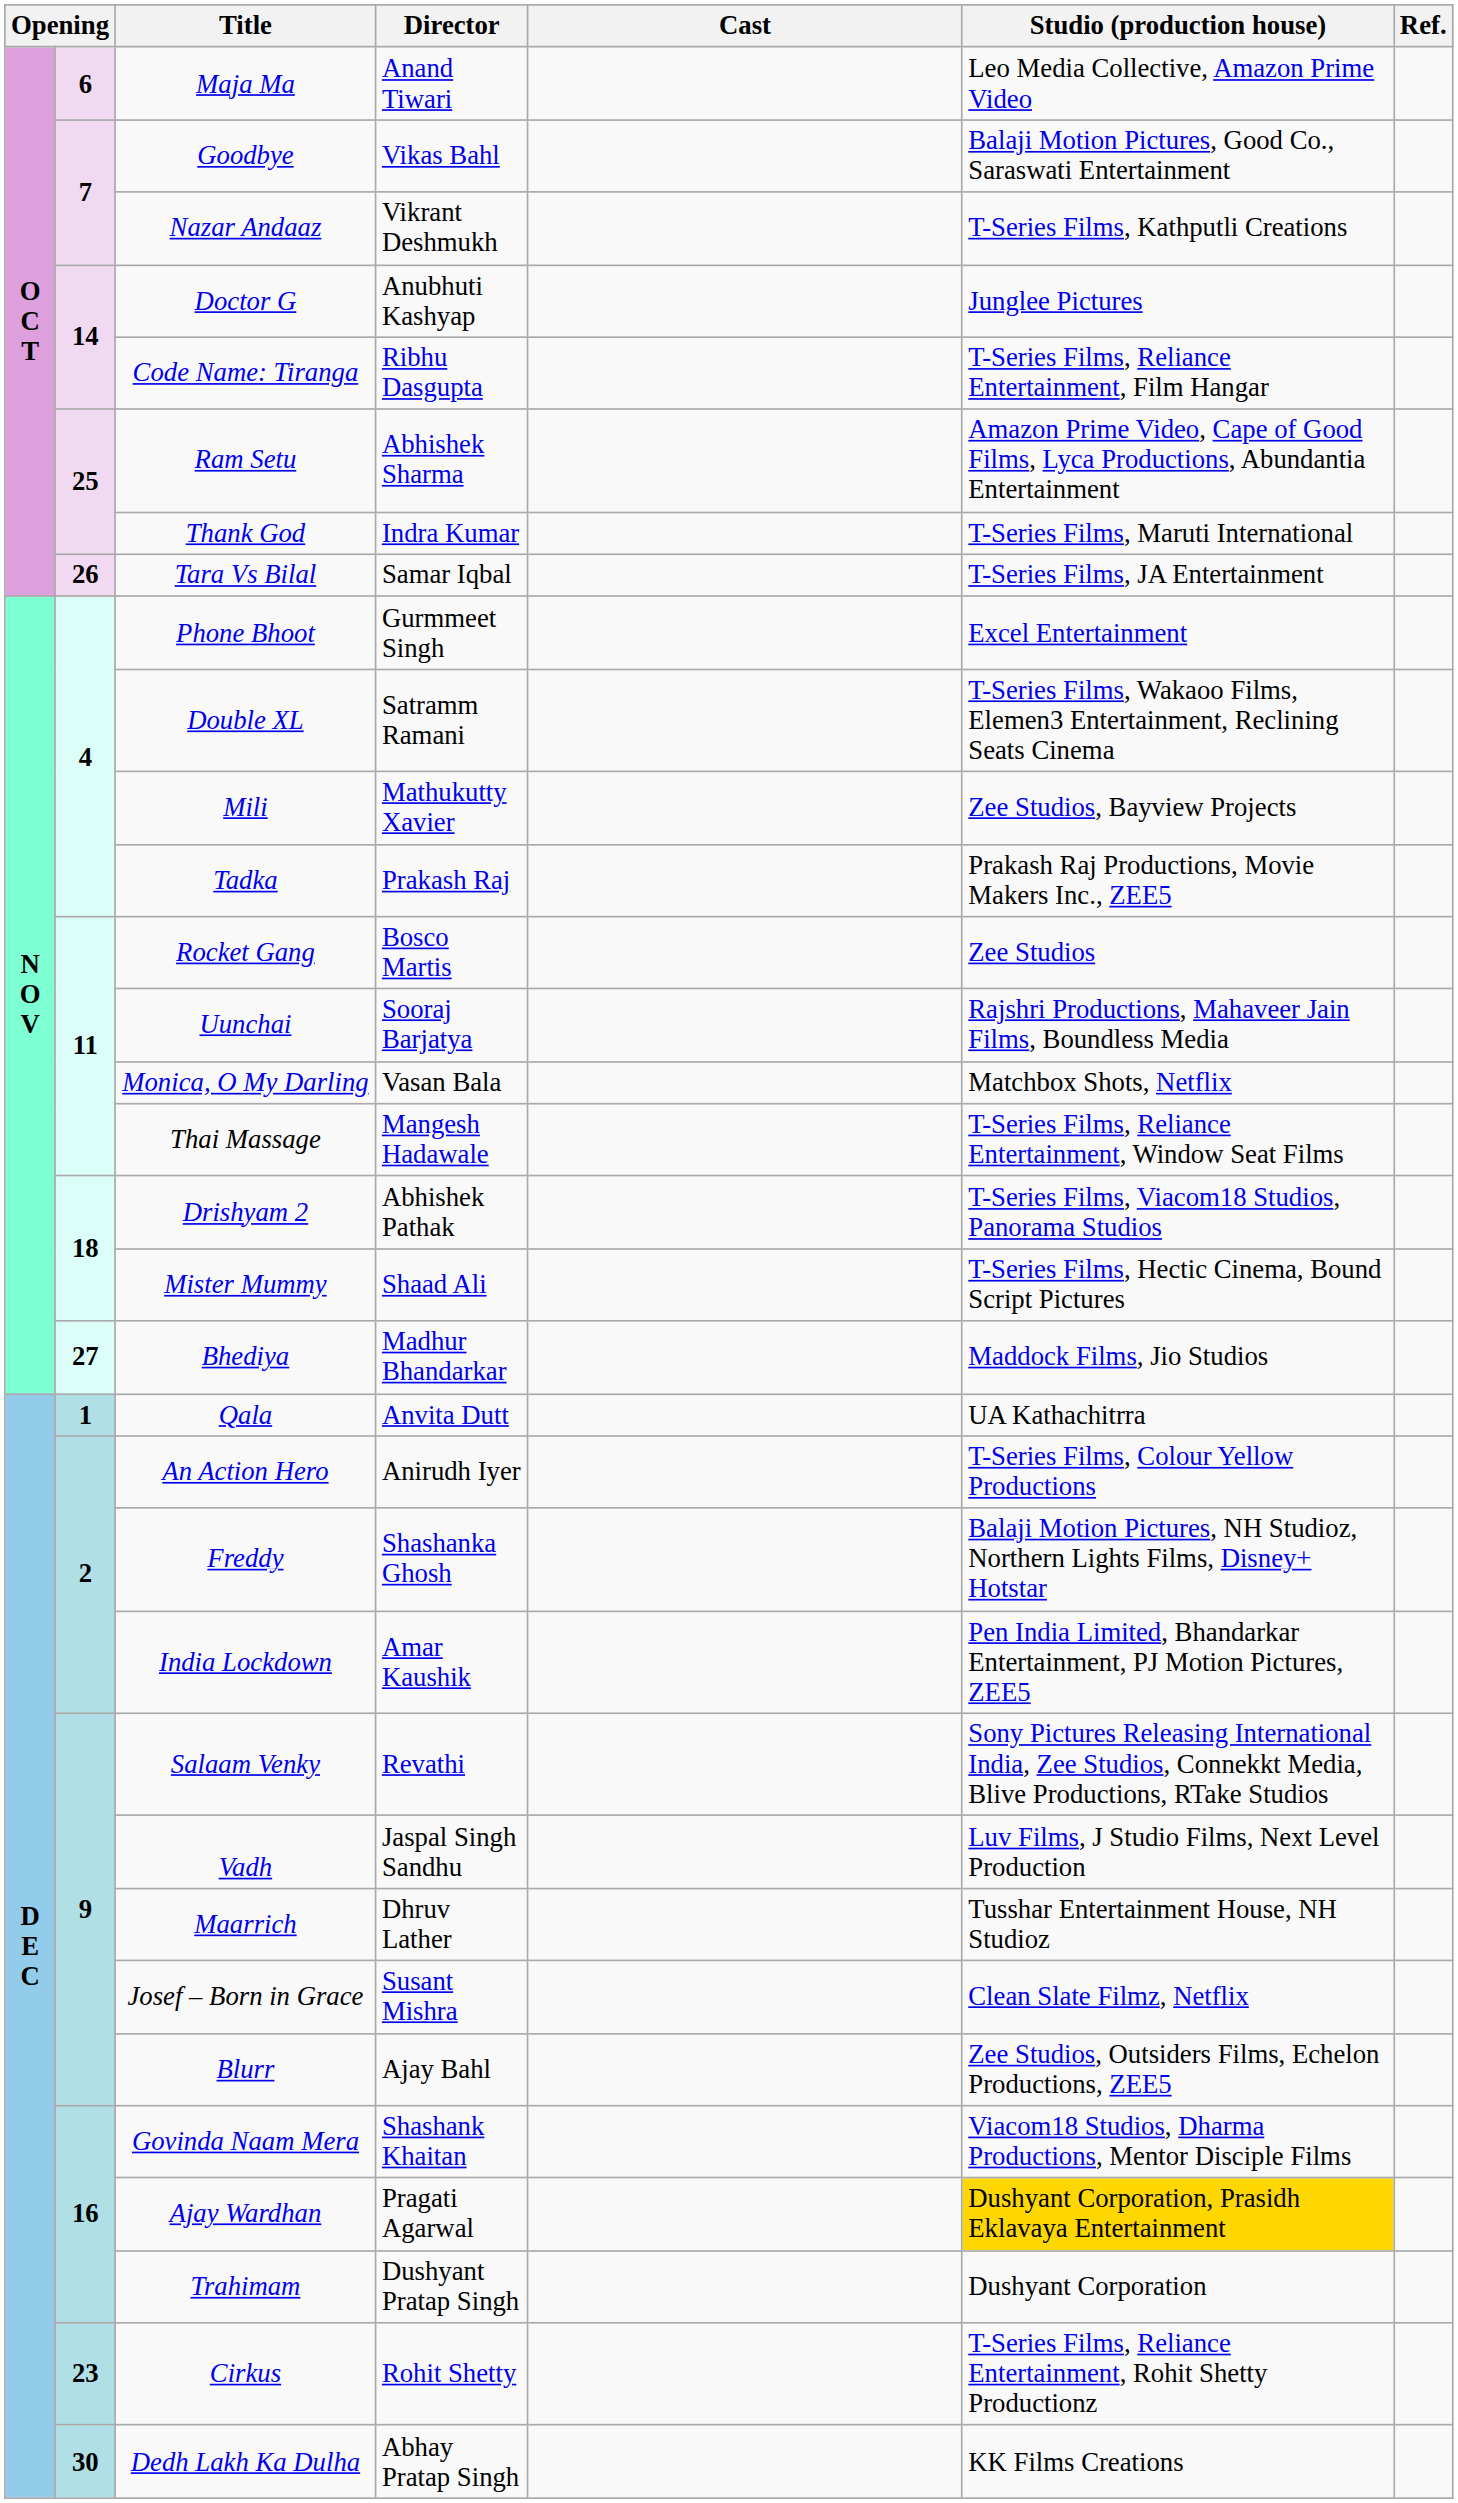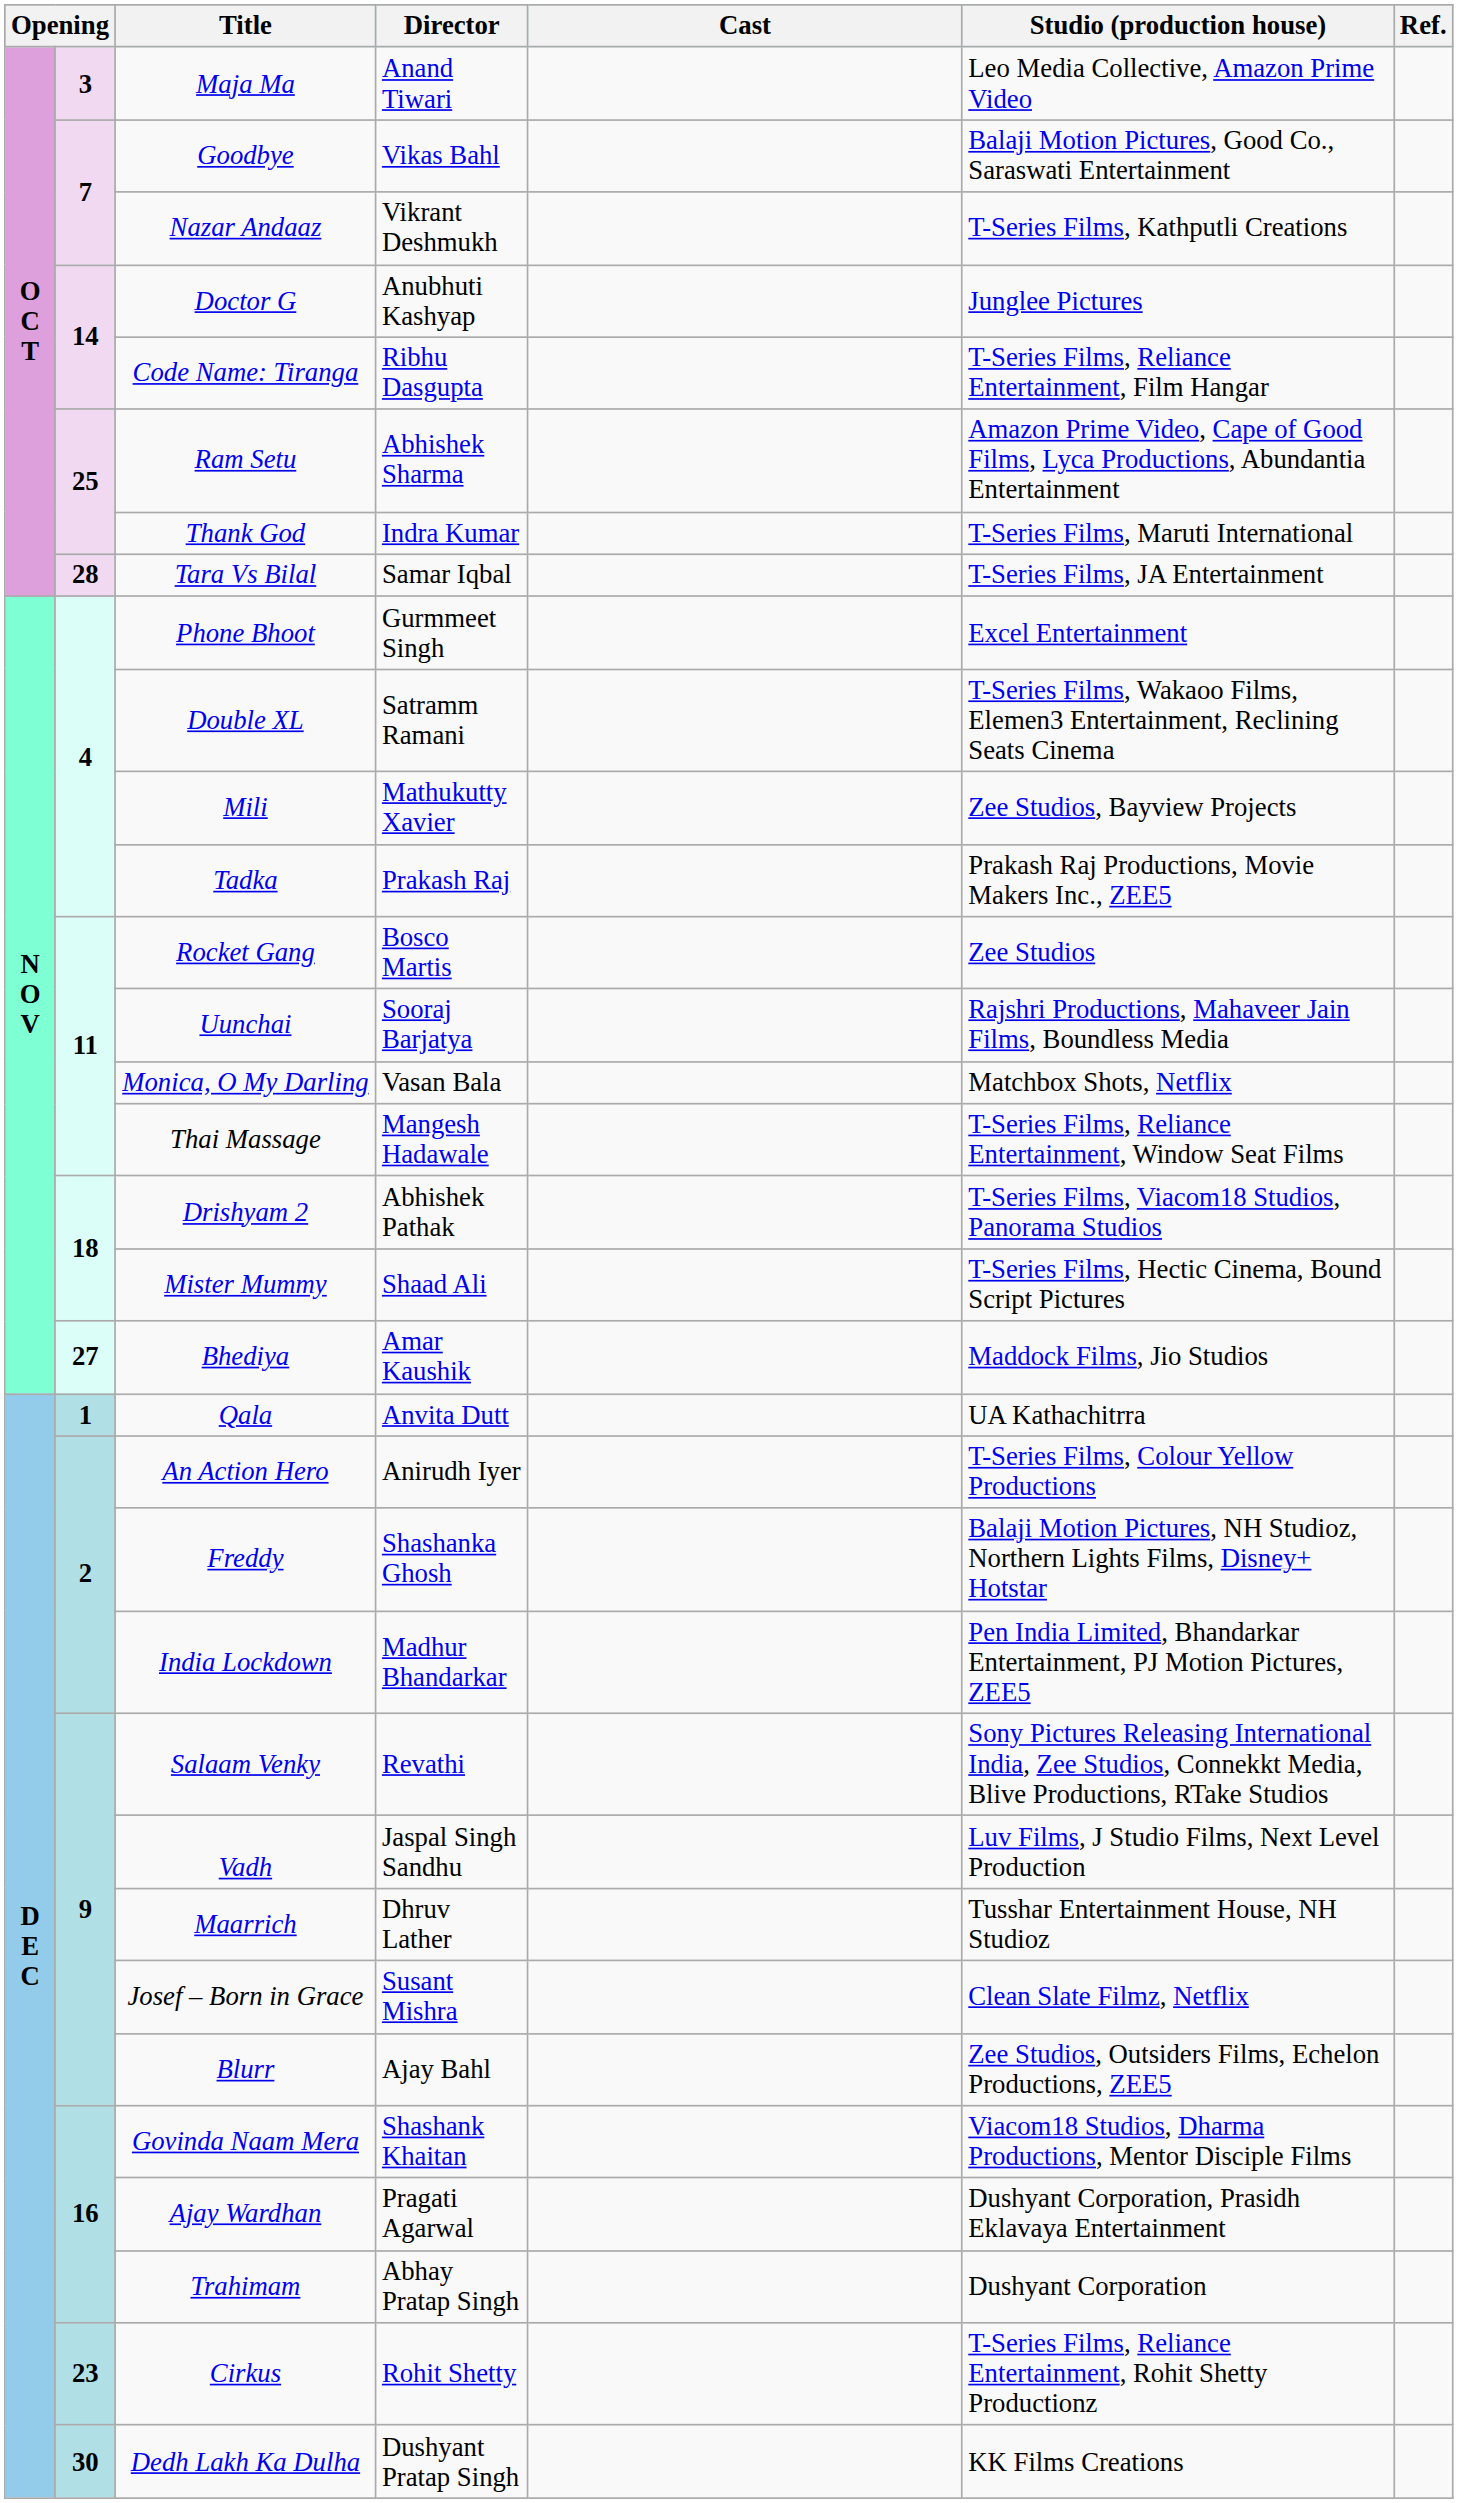 <table class="wikitable">
 <tr style="background:#b0e0e6; text-align:center;">
 <th colspan="2" style="width:6%;"><strong>Opening</strong></th>
 <th style="width:18%;"><strong>Title</strong></th>
 <th style="width:10.5%;"><strong>Director</strong></th>
 <th style="width:30%;"><strong>Cast</strong></th>
 <th>Studio (production house)</th>
 <th>Ref.</th>
 </tr>
 <tr October>
 <td rowspan="8" style="text-align:center; background:plum; textcolor:#000;"><strong>O<br>C<br>T</strong></td>
-<td style="text-align:center;background:#f1daf1;"><strong>6</strong></td>
+<td style="text-align:center;background:#f1daf1;"><strong>3</strong></td>
 <td style="text-align:center;"><em><a href='#'>Maja Ma</a></em></td>
 <td><a href='#'>Anand Tiwari</a></td>
 <td></td>
 <td>Leo Media Collective, <a href='#'>Amazon Prime Video</a></td>
 <td></td>
 </tr>
 <tr>
 <td rowspan="2" style="text-align:center;background:#f1daf1;"><strong>7</strong></td>
 <td style="text-align:center;"><em><a href='#'>Goodbye</a></em></td>
 <td><a href='#'>Vikas Bahl</a></td>
 <td></td>
 <td><a href='#'>Balaji Motion Pictures</a>, Good Co., Saraswati Entertainment</td>
 <td></td>
 </tr>
 <tr>
 <td style="text-align:center;"><em><a href='#'>Nazar Andaaz</a></em></td>
 <td>Vikrant Deshmukh</td>
 <td></td>
 <td><a href='#'>T-Series Films</a>, Kathputli Creations</td>
 <td></td>
 </tr>
 <tr>
 <td rowspan="2" style="text-align:center;background:#f1daf1;"><strong>14</strong></td>
 <td style="text-align:center;"><em><a href='#'>Doctor G</a></em></td>
 <td>Anubhuti Kashyap</td>
 <td></td>
 <td><a href='#'>Junglee Pictures</a></td>
 <td></td>
 </tr>
 <tr>
 <td style="text-align:center;"><em><a href='#'>Code Name: Tiranga</a></em></td>
 <td><a href='#'>Ribhu Dasgupta</a></td>
 <td></td>
 <td><a href='#'>T-Series Films</a>, <a href='#'>Reliance Entertainment</a>, Film Hangar</td>
 <td></td>
 </tr>
 <tr>
 <td rowspan="2" style="text-align:center;background:#f1daf1;"><strong>25</strong></td>
 <td style="text-align:center;"><em><a href='#'>Ram Setu</a></em></td>
 <td><a href='#'>Abhishek Sharma</a></td>
 <td></td>
 <td><a href='#'>Amazon Prime Video</a>, <a href='#'>Cape of Good Films</a>, <a href='#'>Lyca Productions</a>, Abundantia Entertainment</td>
 <td></td>
 </tr>
 <tr>
 <td style="text-align:center;"><em><a href='#'>Thank God</a></em></td>
 <td><a href='#'>Indra Kumar</a></td>
 <td></td>
 <td><a href='#'>T-Series Films</a>, Maruti International</td>
 <td></td>
 </tr>
 <tr>
-<td rowspan="1" style="text-align:center;background:#f1daf1;"><strong>26</strong></td>
+<td rowspan="1" style="text-align:center;background:#f1daf1;"><strong>28</strong></td>
 <td style="text-align:center;"><em><a href='#'>Tara Vs Bilal</a></em></td>
 <td>Samar Iqbal</td>
 <td></td>
 <td><a href='#'>T-Series Films</a>, JA Entertainment</td>
 <td></td>
 </tr>
 <tr November>
 <td rowspan="11" style="text-align:center; background:#7FFFD4; textcolor:#000;"><strong>N<br>O<br>V</strong></td>
 <td rowspan="4" style="text-align:center;background:#dbfff8;"><strong>4</strong></td>
 <td style="text-align:center;"><em><a href='#'>Phone Bhoot</a></em></td>
 <td>Gurmmeet Singh</td>
 <td></td>
 <td><a href='#'>Excel Entertainment</a></td>
 <td></td>
 </tr>
 <tr>
 <td style="text-align:center;"><em><a href='#'>Double XL</a></em></td>
 <td>Satramm Ramani</td>
 <td></td>
 <td><a href='#'>T-Series Films</a>, Wakaoo Films, Elemen3 Entertainment, Reclining Seats Cinema</td>
 <td></td>
 </tr>
 <tr>
 <td style="text-align:center;"><em><a href='#'>Mili</a></em></td>
 <td><a href='#'>Mathukutty Xavier</a></td>
 <td></td>
 <td><a href='#'>Zee Studios</a>, Bayview Projects</td>
 <td></td>
 </tr>
 <tr>
 <td style="text-align:center;"><em><a href='#'>Tadka</a></em></td>
 <td><a href='#'>Prakash Raj</a></td>
 <td></td>
 <td>Prakash Raj Productions, Movie Makers Inc., <a href='#'>ZEE5</a></td>
 <td></td>
 </tr>
 <tr>
 <td rowspan="4" style="text-align:center;background:#dbfff8;"><strong>11</strong></td>
 <td style="text-align:center;"><em><a href='#'>Rocket Gang</a></em></td>
 <td><a href='#'>Bosco Martis</a></td>
 <td></td>
 <td><a href='#'>Zee Studios</a></td>
 <td></td>
 </tr>
 <tr>
 <td style="text-align:center;"><em><a href='#'>Uunchai</a></em></td>
 <td><a href='#'>Sooraj Barjatya</a></td>
 <td></td>
 <td><a href='#'>Rajshri Productions</a>, <a href='#'>Mahaveer Jain Films</a>, Boundless Media</td>
 <td></td>
 </tr>
 <tr>
 <td style="text-align:center;"><em><a href='#'>Monica, O My Darling</a></em></td>
 <td>Vasan Bala</td>
 <td></td>
 <td>Matchbox Shots, <a href='#'>Netflix</a></td>
 <td></td>
 </tr>
 <tr>
 <td style="text-align:center;"><em>Thai Massage</em></td>
 <td><a href='#'>Mangesh Hadawale</a></td>
 <td></td>
 <td><a href='#'>T-Series Films</a>, <a href='#'>Reliance Entertainment</a>, Window Seat Films</td>
 <td></td>
 </tr>
 <tr>
 <td rowspan="2" style="text-align:center;background:#dbfff8;"><strong>18</strong></td>
 <td style="text-align:center;"><em><a href='#'>Drishyam 2</a></em></td>
 <td>Abhishek Pathak</td>
 <td></td>
 <td><a href='#'>T-Series Films</a>, <a href='#'>Viacom18 Studios</a>, <a href='#'>Panorama Studios</a></td>
 <td></td>
 </tr>
 <tr>
 <td style="text-align:center;"><em><a href='#'>Mister Mummy</a></em></td>
 <td><a href='#'>Shaad Ali</a></td>
 <td></td>
 <td><a href='#'>T-Series Films</a>, Hectic Cinema, Bound Script Pictures</td>
 <td></td>
 </tr>
 <tr>
 <td style="text-align:center;background:#dbfff8;"><strong>27</strong></td>
 <td style="text-align:center;"><em><a href='#'>Bhediya</a></em></td>
-<td><a href='#'>Madhur Bhandarkar</a></td>
+<td><a href='#'>Amar Kaushik</a></td>
 <td></td>
 <td><a href='#'>Maddock Films</a>, Jio Studios</td>
 <td></td>
 </tr>
 <tr December>
 <td rowspan="15" style="text-align:center; background:#93CCEA; textcolor:#000;"><strong>D<br>E<br>C</strong></td>
 <td style="text-align:center;background:#B0E0E6;"><strong>1</strong></td>
 <td style="text-align:center;"><em><a href='#'>Qala</a></em></td>
 <td><a href='#'>Anvita Dutt</a></td>
 <td></td>
 <td>UA Kathachitrra</td>
 <td></td>
 </tr>
 <tr>
 <td rowspan="3" style="text-align:center;background:#B0E0E6;"><strong>2</strong></td>
 <td style="text-align:center;"><em><a href='#'>An Action Hero</a></em></td>
 <td>Anirudh Iyer</td>
 <td></td>
 <td><a href='#'>T-Series Films</a>, <a href='#'>Colour Yellow Productions</a></td>
 <td></td>
 </tr>
 <tr>
 <td style="text-align:center;"><em><a href='#'>Freddy</a></em></td>
 <td><a href='#'>Shashanka Ghosh</a></td>
 <td></td>
 <td><a href='#'>Balaji Motion Pictures</a>, NH Studioz, Northern Lights Films, <a href='#'>Disney+ Hotstar</a></td>
 <td></td>
 </tr>
 <tr>
 <td style="text-align:center;"><em><a href='#'>India Lockdown</a></em></td>
-<td><a href='#'>Amar Kaushik</a></td>
+<td><a href='#'>Madhur Bhandarkar</a></td>
 <td></td>
 <td><a href='#'>Pen India Limited</a>, Bhandarkar Entertainment, PJ Motion Pictures, <a href='#'>ZEE5</a></td>
 <td></td>
 </tr>
 <tr>
 <td rowspan="5" style="text-align:center;background:#B0E0E6; "><strong>9</strong></td>
 <td style="text-align:center;"><em><a href='#'>Salaam Venky</a></em></td>
 <td><a href='#'>Revathi</a></td>
 <td></td>
 <td><a href='#'>Sony Pictures Releasing International India</a>, <a href='#'>Zee Studios</a>, Connekkt Media, Blive Productions, RTake Studios</td>
 <td></td>
 </tr>
 <tr>
 <td style="text-align:center;"><br><em><a href='#'>Vadh</a></em></td>
 <td>Jaspal Singh Sandhu</td>
 <td></td>
 <td><a href='#'>Luv Films</a>, J Studio Films, Next Level Production</td>
 <td></td>
 </tr>
 <tr>
 <td style="text-align:center;"><em><a href='#'>Maarrich</a></em></td>
 <td>Dhruv Lather</td>
 <td></td>
 <td>Tusshar Entertainment House, NH Studioz</td>
 <td></td>
 </tr>
 <tr>
 <td style="text-align:center;"><em>Josef – Born in Grace</em></td>
 <td><a href='#'>Susant Mishra</a></td>
 <td></td>
 <td><a href='#'>Clean Slate Filmz</a>, <a href='#'>Netflix</a></td>
 <td></td>
 </tr>
 <tr>
 <td style="text-align:center;"><em><a href='#'>Blurr</a></em></td>
 <td>Ajay Bahl</td>
 <td></td>
 <td><a href='#'>Zee Studios</a>, Outsiders Films, Echelon Productions, <a href='#'>ZEE5</a></td>
 <td></td>
 </tr>
 <tr>
 <td rowspan="3" style="text-align:center;background:#B0E0E6;"><strong>16</strong></td>
 <td style="text-align:center;"><em><a href='#'>Govinda Naam Mera</a></em></td>
 <td><a href='#'>Shashank Khaitan</a></td>
 <td></td>
 <td><a href='#'>Viacom18 Studios</a>, <a href='#'>Dharma Productions</a>, Mentor Disciple Films</td>
 <td></td>
 </tr>
 <tr>
 <td style="text-align:center;"><em><a href='#'>Ajay Wardhan</a></em></td>
 <td>Pragati Agarwal</td>
 <td></td>
-<td style="background: gold;">Dushyant Corporation, Prasidh Eklavaya Entertainment</td>
+<td>Dushyant Corporation, Prasidh Eklavaya Entertainment</td>
 <td></td>
 </tr>
 <tr>
 <td style="text-align:center;"><em><a href='#'>Trahimam</a></em></td>
-<td>Dushyant Pratap Singh</td>
+<td>Abhay Pratap Singh</td>
 <td></td>
 <td>Dushyant Corporation</td>
 <td></td>
 </tr>
 <tr>
 <td style="text-align:center;background:#B0E0E6;"><strong>23</strong></td>
 <td style="text-align:center;"><em><a href='#'>Cirkus</a></em></td>
 <td><a href='#'>Rohit Shetty</a></td>
 <td></td>
 <td><a href='#'>T-Series Films</a>, <a href='#'>Reliance Entertainment</a>, Rohit Shetty Productionz</td>
 <td></td>
 </tr>
 <tr>
 <td style="text-align:center;background:#B0E0E6;"><strong>30</strong></td>
 <td style="text-align:center;"><em><a href='#'>Dedh Lakh Ka Dulha</a></em></td>
-<td>Abhay Pratap Singh</td>
+<td>Dushyant Pratap Singh</td>
 <td></td>
 <td>KK Films Creations</td>
 <td></td>
 </tr>
 </table>
